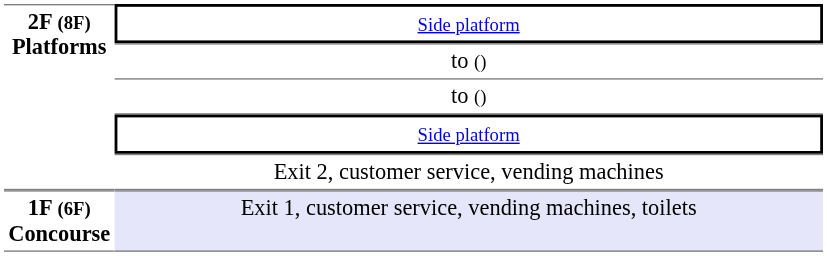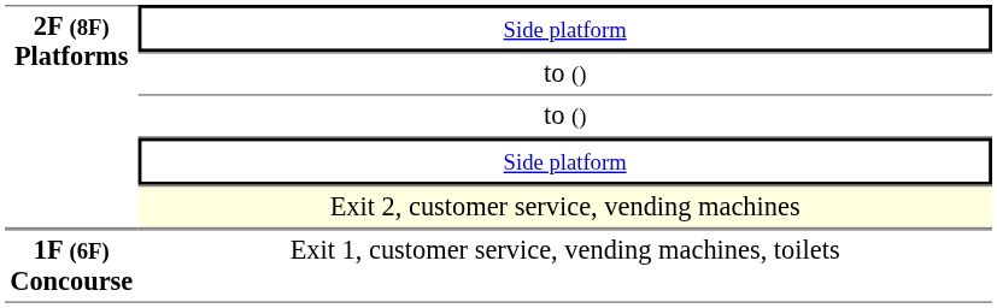 <table table border=0 cellspacing=0 cellpadding=3>
 <tr>
 <td style="border-bottom:solid 1px gray; border-top:solid 1px gray;text-align:center" rowspan="5" valign=top><strong>2F <small>(8F)</small><br>Platforms</strong></td>
 <td style="border-right:solid 2px black;border-left:solid 2px black;border-top:solid 2px black;border-bottom:solid 2px black;text-align:center;" colspan=2><small><a href='#'>Side platform</a></small></td>
 </tr>
 <tr>
 <td style="border-bottom:solid 1px gray; border-top:solid 1px gray;text-align:center;">  to  <small>()</small></td>
 </tr>
 <tr>
 <td style="border-bottom:solid 1px gray;text-align:center;"> to  <small>() </small></td>
 </tr>
 <tr>
 <td style="border-right:solid 2px black;border-left:solid 2px black;border-top:solid 2px black;border-bottom:solid 2px black;text-align:center;" colspan=2><small><a href='#'>Side platform</a></small></td>
 </tr>
 <tr>
-<td style="border-bottom:solid 1px gray; border-top:solid 1px gray;text-align:center;" valign=top width=500>Exit 2, customer service, vending machines</td>
+<td style="background: lightyellow; border-bottom:solid 1px gray; border-top:solid 1px gray;text-align:center;" valign=top width=500>Exit 2, customer service, vending machines</td>
 </tr>
 <tr>
 <td style="border-bottom:solid 1px gray; border-top:solid 1px gray;text-align:center" rowspan="5" valign=top><strong>1F <small>(6F)</small><br>Concourse</strong></td>
-<td style="background: lavender; border-bottom:solid 1px gray; border-top:solid 1px gray;text-align:center;" valign=top width=500>Exit 1, customer service, vending machines, toilets</td>
+<td style="border-bottom:solid 1px gray; border-top:solid 1px gray;text-align:center;" valign=top width=500>Exit 1, customer service, vending machines, toilets</td>
 </tr>
 </table>
